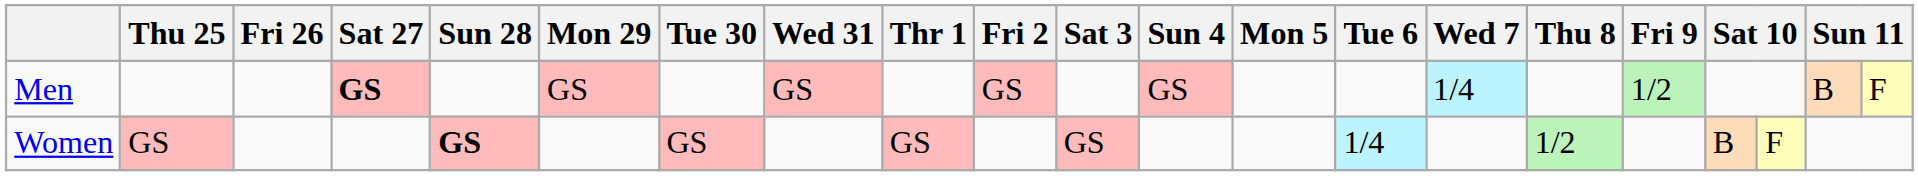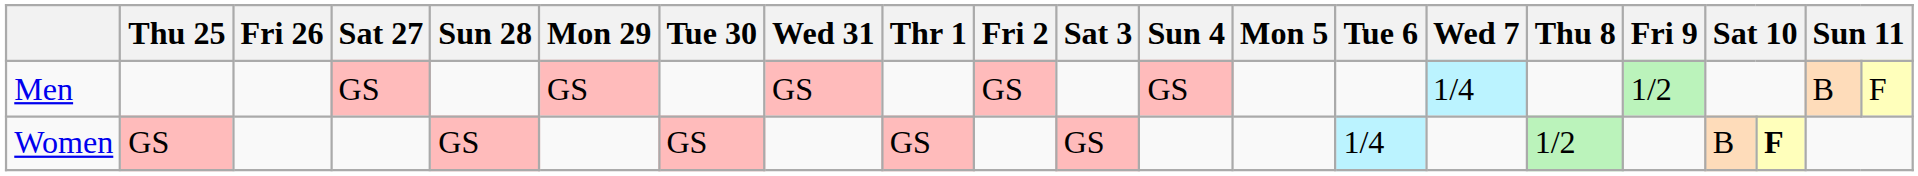 <table class="wikitable" style="margin:0.5em auto; font-size:90%; line-height:1.25em;">
 <tr>
 <th></th>
 <th>Thu 25</th>
 <th>Fri 26</th>
 <th>Sat 27</th>
 <th>Sun 28</th>
 <th>Mon 29</th>
 <th>Tue 30</th>
 <th>Wed 31</th>
 <th>Thr 1</th>
 <th>Fri 2</th>
 <th>Sat 3</th>
 <th>Sun 4</th>
 <th>Mon 5</th>
 <th>Tue 6</th>
 <th>Wed 7</th>
 <th>Thu 8</th>
 <th>Fri 9</th>
 <th colspan="2">Sat 10</th>
 <th colspan="2">Sun 11</th>
 </tr>
 <tr>
 <td><a href='#'>Men</a></td>
 <td></td>
 <td></td>
-<td bgcolor="#FFBBBB"><strong>GS</strong></td>
+<td bgcolor="#FFBBBB">GS</td>
 <td></td>
 <td bgcolor="#FFBBBB">GS</td>
 <td></td>
 <td bgcolor="#FFBBBB">GS</td>
 <td></td>
 <td bgcolor="#FFBBBB">GS</td>
 <td></td>
 <td bgcolor="#FFBBBB">GS</td>
 <td></td>
 <td></td>
 <td bgcolor="#BBF3FF">1/4</td>
 <td></td>
 <td bgcolor="#BBF3BB">1/2</td>
 <td colspan="2"></td>
 <td bgcolor="#FEDCBA">B</td>
 <td bgcolor="#FFFFBB">F</td>
 </tr>
 <tr>
 <td><a href='#'>Women</a></td>
 <td bgcolor="#FFBBBB">GS</td>
 <td></td>
 <td></td>
-<td bgcolor="#FFBBBB"><strong>GS</strong></td>
+<td bgcolor="#FFBBBB">GS</td>
 <td></td>
 <td bgcolor="#FFBBBB">GS</td>
 <td></td>
 <td bgcolor="#FFBBBB">GS</td>
 <td></td>
 <td bgcolor="#FFBBBB">GS</td>
 <td></td>
 <td></td>
 <td bgcolor="#BBF3FF">1/4</td>
 <td></td>
 <td bgcolor="#BBF3BB">1/2</td>
 <td></td>
 <td bgcolor="#FEDCBA">B</td>
-<td bgcolor="#FFFFBB">F</td>
+<td bgcolor="#FFFFBB"><strong>F</strong></td>
 <td colspan="2"></td>
 </tr>
 </table>
